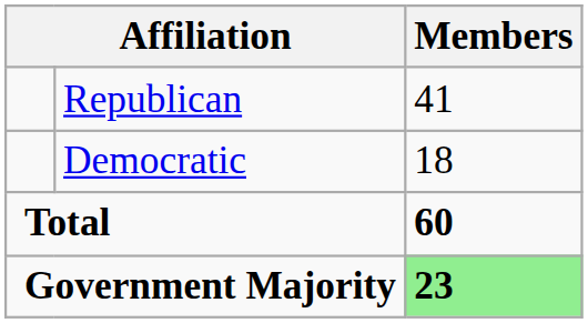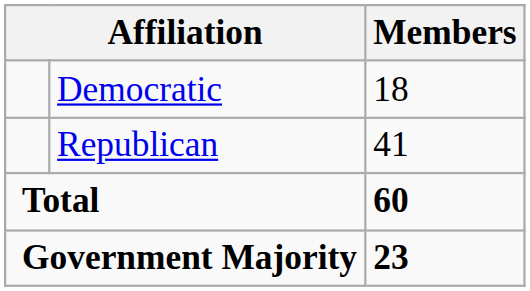 <table class="wikitable">
 <tr>
 <th colspan="2">Affiliation</th>
 <th>Members</th>
 </tr>
 <tr>
 <td style="background-color:"> </td>
-<td><a href='#'>Republican</a></td>
-<td>41</td>
+<td><a href='#'>Democratic</a></td>
+<td>18</td>
 </tr>
 <tr>
 <td style="background-color:"> </td>
-<td><a href='#'>Democratic</a></td>
-<td>18</td>
+<td><a href='#'>Republican</a></td>
+<td>41</td>
 </tr>
 <tr>
 <td colspan="2" rowspan="1"> <strong>Total</strong></td>
 <td><strong>60</strong></td>
 </tr>
 <tr>
 <td colspan="2" rowspan="1"> <strong>Government Majority</strong></td>
-<td style="background: lightgreen;"><strong>23</strong></td>
+<td><strong>23</strong></td>
 </tr>
 </table>
